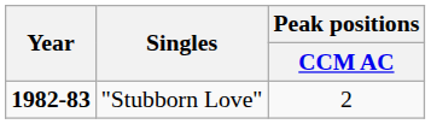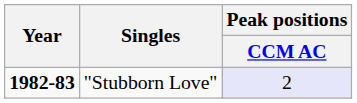 <table class="wikitable">
 <tr>
 <th rowspan="2">Year</th>
 <th rowspan="2">Singles</th>
 <th colspan="1">Peak positions</th>
 </tr>
 <tr>
 <th><a href='#'>CCM AC</a></th>
 </tr>
 <tr>
 <td><strong>1982-83</strong></td>
 <td>"Stubborn Love"</td>
-<td align="center">2</td>
+<td align="center" style="background: lavender;">2</td>
 </tr>
 </table>
